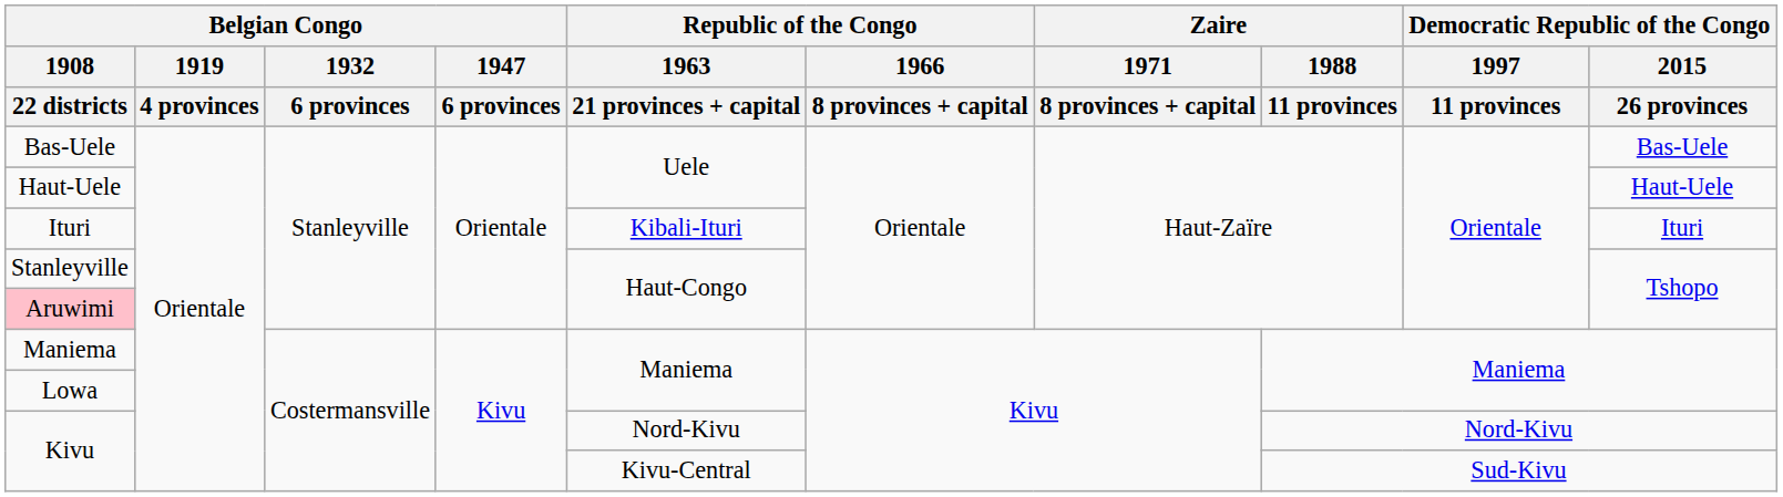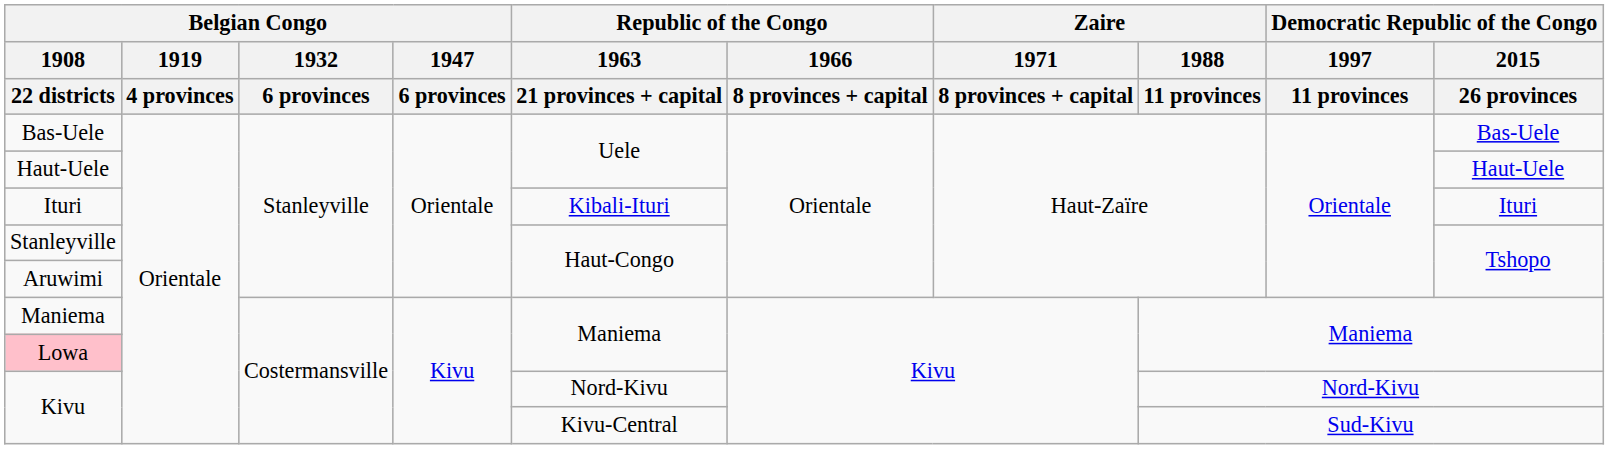 <table class="wikitable" style="font-size:90%; text-align:center">
 <tr>
 <th colspan="4">Belgian Congo</th>
 <th colspan="2">Republic of the Congo</th>
 <th colspan="2">Zaire</th>
 <th colspan="2">Democratic Republic of the Congo</th>
 </tr>
 <tr>
 <th>1908</th>
 <th>1919</th>
 <th>1932</th>
 <th>1947</th>
 <th>1963</th>
 <th>1966</th>
 <th>1971</th>
 <th>1988</th>
 <th>1997</th>
 <th>2015</th>
 </tr>
 <tr>
 <th>22 districts</th>
 <th>4 provinces</th>
 <th>6 provinces</th>
 <th>6 provinces</th>
 <th>21 provinces + capital</th>
 <th>8 provinces + capital</th>
 <th>8 provinces + capital</th>
 <th>11 provinces</th>
 <th>11 provinces</th>
 <th>26 provinces</th>
 </tr>
 <tr>
 <td>Bas-Uele</td>
 <td rowspan="9">Orientale</td>
 <td rowspan="5">Stanleyville</td>
 <td rowspan="5">Orientale</td>
 <td rowspan="2">Uele</td>
 <td rowspan="5">Orientale</td>
 <td colspan="2" rowspan="5">Haut-Zaïre</td>
 <td rowspan="5"><a href='#'>Orientale</a></td>
 <td><a href='#'>Bas-Uele</a></td>
 </tr>
 <tr>
 <td>Haut-Uele</td>
 <td><a href='#'>Haut-Uele</a></td>
 </tr>
 <tr>
 <td>Ituri</td>
 <td><a href='#'>Kibali-Ituri</a></td>
 <td><a href='#'>Ituri</a></td>
 </tr>
 <tr>
 <td>Stanleyville</td>
 <td rowspan="2">Haut-Congo</td>
 <td rowspan="2"><a href='#'>Tshopo</a></td>
 </tr>
 <tr>
-<td style="background: pink;">Aruwimi</td>
+<td>Aruwimi</td>
 </tr>
 <tr>
 <td>Maniema</td>
 <td rowspan="4">Costermansville</td>
 <td rowspan="4"><a href='#'>Kivu</a></td>
 <td rowspan="2">Maniema</td>
 <td colspan="2" rowspan="4"><a href='#'>Kivu</a></td>
 <td colspan="3" rowspan="2"><a href='#'>Maniema</a></td>
 </tr>
 <tr>
-<td>Lowa</td>
+<td style="background: pink;">Lowa</td>
 </tr>
 <tr>
 <td rowspan="2">Kivu</td>
 <td>Nord-Kivu</td>
 <td colspan="3"><a href='#'>Nord-Kivu</a></td>
 </tr>
 <tr>
 <td>Kivu-Central</td>
 <td colspan="3"><a href='#'>Sud-Kivu</a></td>
 </tr>
 </table>
